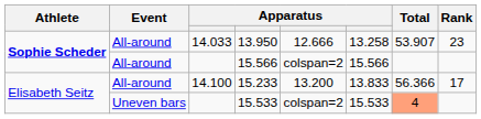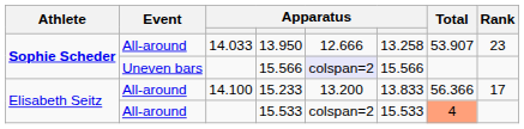 <table class="wikitable" style="font-size:90%">
 <tr>
 <th rowspan=2>Athlete</th>
 <th rowspan=2>Event</th>
 <th colspan=4>Apparatus</th>
 <th rowspan=2>Total</th>
 <th rowspan=2>Rank</th>
 </tr>
 <tr style="font-size:95%">
 <th></th>
 <th></th>
 <th></th>
 <th></th>
 </tr>
 <tr align=center>
 <td align=left rowspan=2><strong><a href='#'>Sophie Scheder</a></strong></td>
 <td align=left><a href='#'>All-around</a></td>
 <td>14.033</td>
 <td>13.950</td>
 <td>12.666</td>
 <td>13.258</td>
 <td>53.907</td>
 <td>23</td>
 </tr>
 <tr align=center>
-<td align=left><a href='#'>All-around</a></td>
+<td align=left><a href='#'>Uneven bars</a></td>
 <td></td>
 <td>15.566</td>
-<td>colspan=2 </td>
+<td style="background: lavender;">colspan=2 </td>
 <td>15.566</td>
 <td></td>
 </tr>
 <tr align=center>
 <td align=left rowspan=2><a href='#'>Elisabeth Seitz</a></td>
 <td align=left><a href='#'>All-around</a></td>
 <td>14.100</td>
 <td>15.233</td>
 <td>13.200</td>
 <td>13.833</td>
 <td>56.366</td>
 <td>17</td>
 </tr>
 <tr align=center>
-<td align=left><a href='#'>Uneven bars</a></td>
+<td align=left><a href='#'>All-around</a></td>
 <td></td>
 <td>15.533</td>
 <td>colspan=2 </td>
 <td>15.533</td>
 <td style="background: lightsalmon;">4</td>
 </tr>
 </table>
